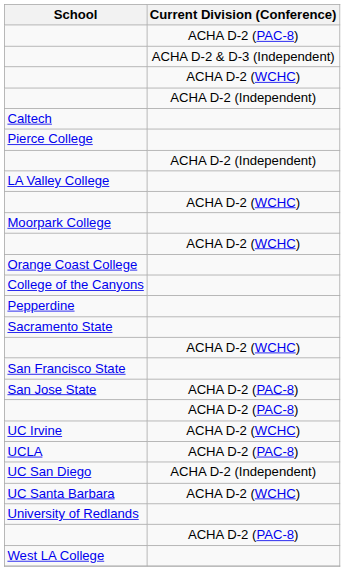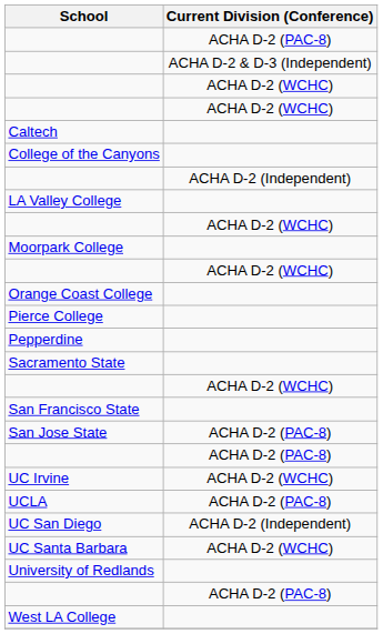 <table class="wikitable sortable">
 <tr>
 <th>School</th>
 <th>Current Division (Conference)</th>
 </tr>
 <tr>
 <td></td>
 <td align=center>ACHA D-2 (<a href='#'>PAC-8</a>)</td>
 </tr>
 <tr>
 <td></td>
 <td align=center>ACHA D-2 & D-3 (Independent)</td>
 </tr>
 <tr>
 <td></td>
 <td align=center>ACHA D-2 (<a href='#'>WCHC</a>)</td>
 </tr>
 <tr>
 <td></td>
-<td align=center>ACHA D-2 (Independent)</td>
+<td align=center>ACHA D-2 (<a href='#'>WCHC</a>)</td>
 </tr>
 <tr>
 <td><a href='#'>Caltech</a></td>
 <td></td>
 </tr>
 <tr>
-<td><a href='#'>Pierce College</a></td>
+<td><a href='#'>College of the Canyons</a></td>
 <td></td>
 </tr>
 <tr>
 <td></td>
 <td align=center>ACHA D-2 (Independent)</td>
 </tr>
 <tr>
 <td><a href='#'>LA Valley College</a></td>
 <td></td>
 </tr>
 <tr>
 <td></td>
 <td align=center>ACHA D-2 (<a href='#'>WCHC</a>)</td>
 </tr>
 <tr>
 <td><a href='#'>Moorpark College</a></td>
 <td></td>
 </tr>
 <tr>
 <td></td>
 <td align=center>ACHA D-2 (<a href='#'>WCHC</a>)</td>
 </tr>
 <tr>
 <td><a href='#'>Orange Coast College</a></td>
 <td></td>
 </tr>
 <tr>
-<td><a href='#'>College of the Canyons</a></td>
+<td><a href='#'>Pierce College</a></td>
 <td></td>
 </tr>
 <tr>
 <td><a href='#'>Pepperdine</a></td>
 <td></td>
 </tr>
 <tr>
 <td><a href='#'>Sacramento State</a></td>
 <td></td>
 </tr>
 <tr>
 <td></td>
 <td align=center>ACHA D-2 (<a href='#'>WCHC</a>)</td>
 </tr>
 <tr>
 <td><a href='#'>San Francisco State</a></td>
 <td></td>
 </tr>
 <tr>
 <td><a href='#'>San Jose State</a></td>
 <td align=center>ACHA D-2 (<a href='#'>PAC-8</a>)</td>
 </tr>
 <tr>
 <td></td>
 <td align=center>ACHA D-2 (<a href='#'>PAC-8</a>)</td>
 </tr>
 <tr>
 <td><a href='#'>UC Irvine</a></td>
 <td align=center>ACHA D-2 (<a href='#'>WCHC</a>)</td>
 </tr>
 <tr>
 <td><a href='#'>UCLA</a></td>
 <td align=center>ACHA D-2 (<a href='#'>PAC-8</a>)</td>
 </tr>
 <tr>
 <td><a href='#'>UC San Diego</a></td>
 <td align=center>ACHA D-2 (Independent)</td>
 </tr>
 <tr>
 <td><a href='#'>UC Santa Barbara</a></td>
 <td align=center>ACHA D-2 (<a href='#'>WCHC</a>)</td>
 </tr>
 <tr>
 <td><a href='#'>University of Redlands</a></td>
 <td></td>
 </tr>
 <tr>
 <td></td>
 <td align=center>ACHA D-2 (<a href='#'>PAC-8</a>)</td>
 </tr>
 <tr>
 <td><a href='#'>West LA College</a></td>
 <td></td>
 </tr>
 <tr>
 </tr>
 </table>
